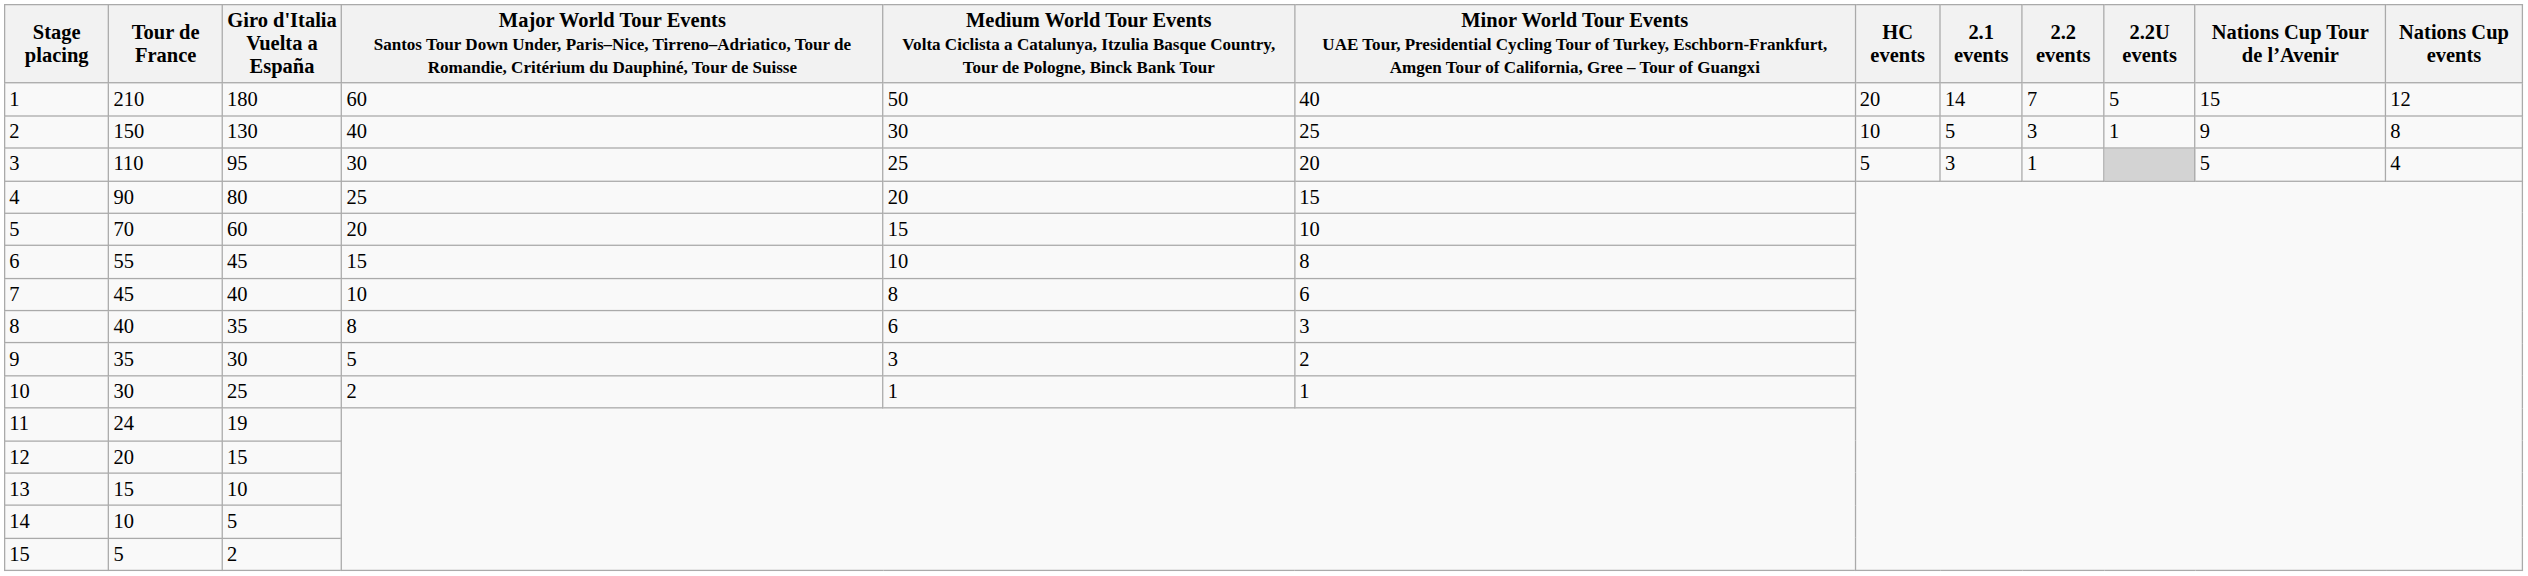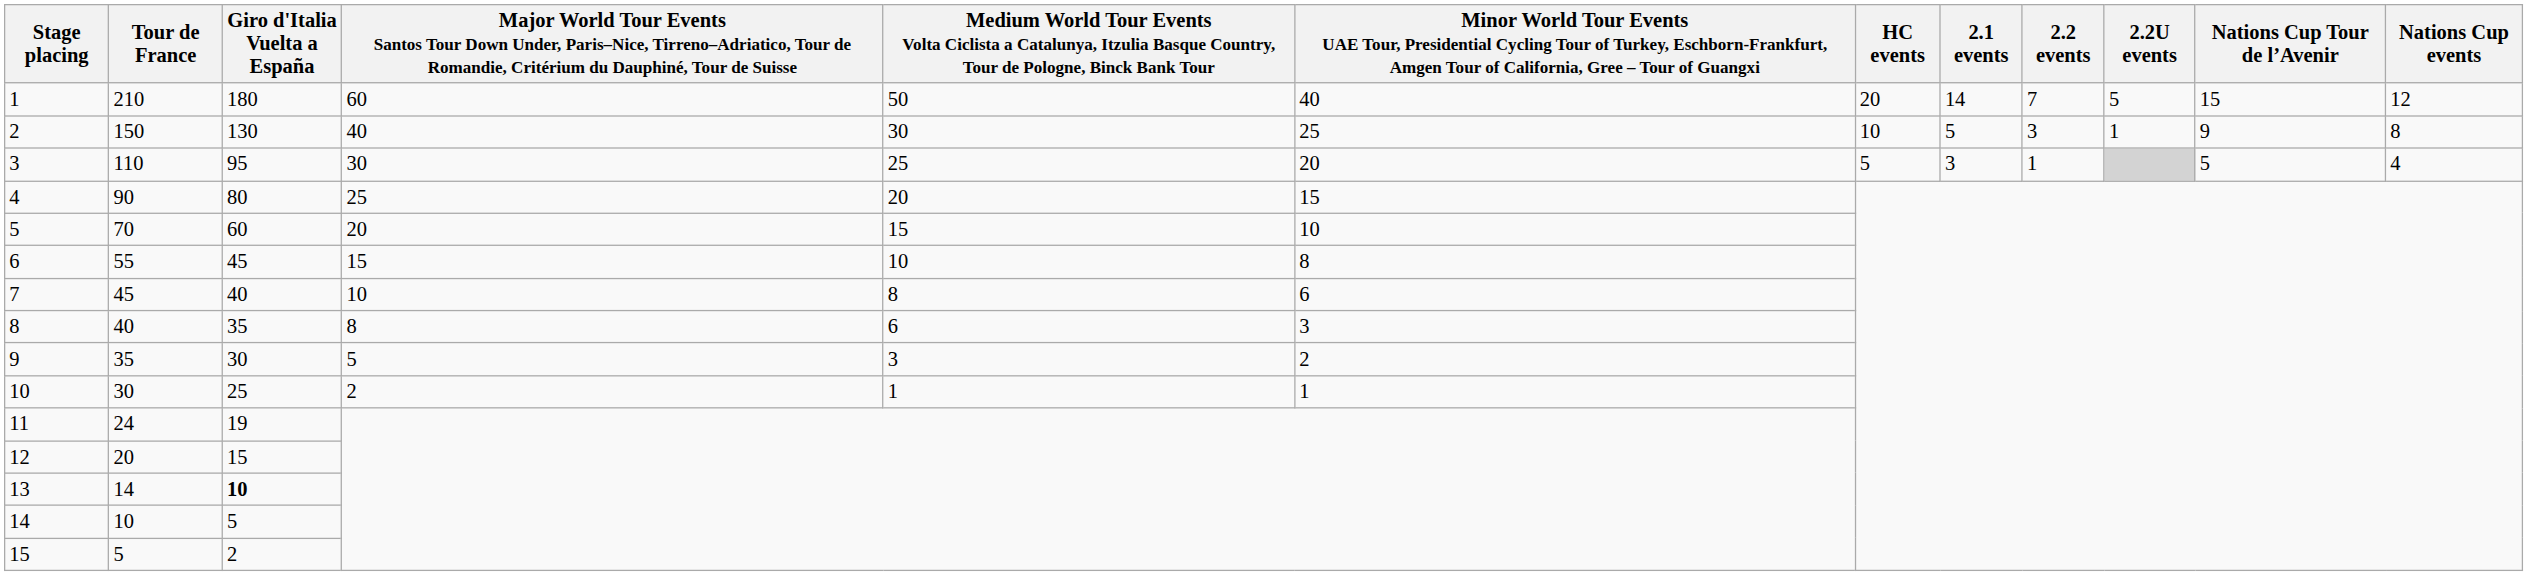 <table class="wikitable">
 <tr>
 <th>Stage placing</th>
 <th>Tour de France</th>
 <th>Giro d'Italia<br>Vuelta a España</th>
 <th>Major World Tour Events<br><small> Santos Tour Down Under, Paris–Nice, Tirreno–Adriatico, Tour de Romandie, Critérium du Dauphiné, Tour de Suisse </small></th>
 <th>Medium World Tour Events<br><small> Volta Ciclista a Catalunya, Itzulia Basque Country, Tour de Pologne, Binck Bank Tour </small></th>
 <th>Minor World Tour Events<br><small> UAE Tour, Presidential Cycling Tour of Turkey, Eschborn-Frankfurt, Amgen Tour of California, Gree – Tour of Guangxi </small></th>
 <th>HC events</th>
 <th>2.1 events</th>
 <th>2.2 events</th>
 <th>2.2U events</th>
 <th>Nations Cup Tour de l’Avenir</th>
 <th>Nations Cup events</th>
 </tr>
 <tr>
 <td>1</td>
 <td>210</td>
 <td>180</td>
 <td>60</td>
 <td>50</td>
 <td>40</td>
 <td>20</td>
 <td>14</td>
 <td>7</td>
 <td>5</td>
 <td>15</td>
 <td>12</td>
 </tr>
 <tr>
 <td>2</td>
 <td>150</td>
 <td>130</td>
 <td>40</td>
 <td>30</td>
 <td>25</td>
 <td>10</td>
 <td>5</td>
 <td>3</td>
 <td>1</td>
 <td>9</td>
 <td>8</td>
 </tr>
 <tr>
 <td>3</td>
 <td>110</td>
 <td>95</td>
 <td>30</td>
 <td>25</td>
 <td>20</td>
 <td>5</td>
 <td>3</td>
 <td>1</td>
 <td style="background:lightgrey;"></td>
 <td>5</td>
 <td>4</td>
 </tr>
 <tr>
 <td>4</td>
 <td>90</td>
 <td>80</td>
 <td>25</td>
 <td>20</td>
 <td>15</td>
 <td colspan="6" rowspan="12"></td>
 </tr>
 <tr>
 <td>5</td>
 <td>70</td>
 <td>60</td>
 <td>20</td>
 <td>15</td>
 <td>10</td>
 </tr>
 <tr>
 <td>6</td>
 <td>55</td>
 <td>45</td>
 <td>15</td>
 <td>10</td>
 <td>8</td>
 </tr>
 <tr>
 <td>7</td>
 <td>45</td>
 <td>40</td>
 <td>10</td>
 <td>8</td>
 <td>6</td>
 </tr>
 <tr>
 <td>8</td>
 <td>40</td>
 <td>35</td>
 <td>8</td>
 <td>6</td>
 <td>3</td>
 </tr>
 <tr>
 <td>9</td>
 <td>35</td>
 <td>30</td>
 <td>5</td>
 <td>3</td>
 <td>2</td>
 </tr>
 <tr>
 <td>10</td>
 <td>30</td>
 <td>25</td>
 <td>2</td>
 <td>1</td>
 <td>1</td>
 </tr>
 <tr>
 <td>11</td>
 <td>24</td>
 <td>19</td>
 <td colspan="3" rowspan="5"></td>
 </tr>
 <tr>
 <td>12</td>
 <td>20</td>
 <td>15</td>
 </tr>
 <tr>
 <td>13</td>
-<td>15</td>
-<td>10</td>
+<td>14</td>
+<td><strong>10</strong></td>
 </tr>
 <tr>
 <td>14</td>
 <td>10</td>
 <td>5</td>
 </tr>
 <tr>
 <td>15</td>
 <td>5</td>
 <td>2</td>
 </tr>
 </table>
